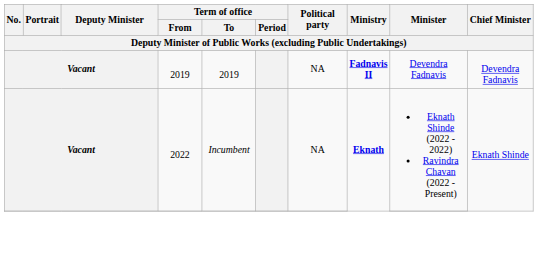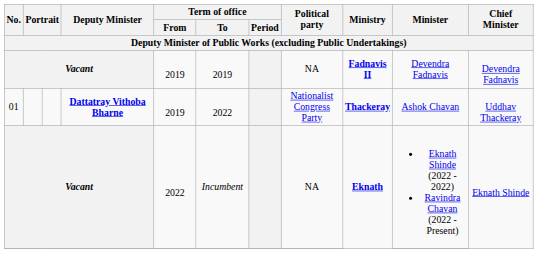 <table class="wikitable" style="text-align:center">
 <tr>
 <th rowspan="2">No.</th>
 <th rowspan="2" colspan="2">Portrait</th>
 <th rowspan="2" style="width:16em">Deputy Minister<br></th>
 <th colspan="3">Term of office</th>
 <th rowspan="2" style="width:8em">Political party</th>
 <th rowspan="2">Ministry</th>
 <th rowspan="2" style="width:9em">Minister</th>
 <th rowspan="2" style="width:9em">Chief Minister</th>
 </tr>
 <tr>
 <th style="width:6em">From</th>
 <th style="width:6em">To</th>
 <th>Period</th>
 </tr>
 <tr>
 <th colspan="11">Deputy Minister of Public Works (excluding Public Undertakings)</th>
 </tr>
 <tr>
 <th colspan="04"><strong><em>Vacant</em></strong></th>
 <td><br>2019</td>
 <td><br>2019</td>
 <th></th>
 <td>NA</td>
 <td rowspan="1"><a href='#'><strong>Fadnavis II</strong></a></td>
 <td><a href='#'>Devendra Fadnavis</a></td>
 <td rowspan="1"> <br><a href='#'>Devendra Fadnavis</a></td>
 </tr>
 <tr>
+<td>01</td>
+<td style="color:inherit;background:"></td>
+<td></td>
+<td><strong><a href='#'>Dattatray Vithoba Bharne</a></strong> <br> </td>
+<td><br>2019</td>
+<td><br>2022</td>
+<th></th>
+<td><a href='#'>Nationalist Congress Party</a></td>
+<td rowspan="1"><a href='#'><strong>Thackeray</strong></a></td>
+<td><a href='#'>Ashok Chavan</a></td>
+<td rowspan="1"> <br><a href='#'>Uddhav Thackeray</a></td>
+</tr>
+<tr>
 <th colspan="04"><strong><em>Vacant </em></strong></th>
 <td><br>2022</td>
 <td><em>Incumbent</em></td>
 <th></th>
 <td>NA</td>
 <td rowspan="2"><a href='#'><strong>Eknath</strong></a></td>
 <td><br><ul><li><a href='#'>Eknath Shinde</a><br>(2022 - 2022)</li><li><a href='#'>Ravindra Chavan</a><br> (2022 - Present)</li></ul></td>
 <td rowspan="2"> <br><a href='#'>Eknath Shinde</a></td>
 </tr>
 <tr>
 </tr>
 </table>
